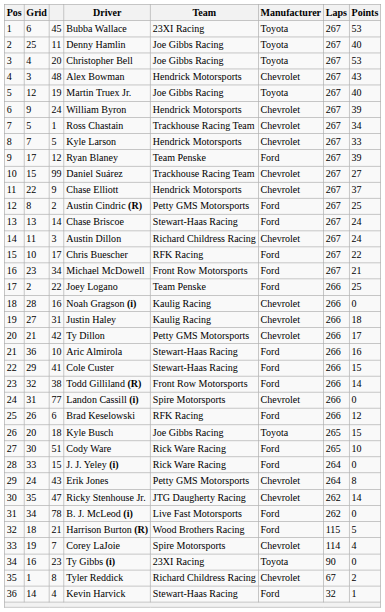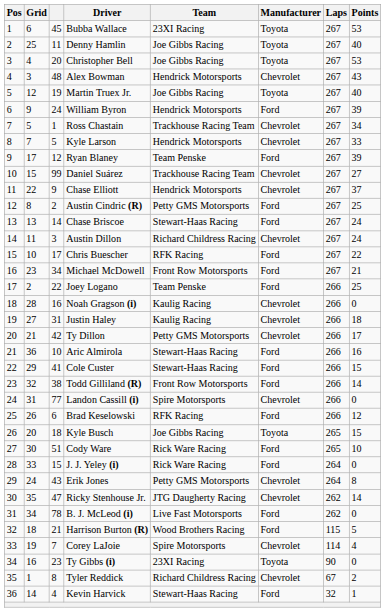 <table class="wikitable" style="font-size:98%">
 <tr>
 <th>Pos</th>
 <th>Grid</th>
 <th></th>
 <th>Driver</th>
 <th>Team</th>
 <th>Manufacturer</th>
 <th>Laps</th>
 <th>Points</th>
 </tr>
 <tr>
 <td>1</td>
 <td>6</td>
 <td>45</td>
 <td>Bubba Wallace</td>
 <td>23XI Racing</td>
 <td>Toyota</td>
 <td>267</td>
 <td>53</td>
 </tr>
 <tr>
 <td>2</td>
 <td>25</td>
 <td>11</td>
 <td>Denny Hamlin</td>
 <td>Joe Gibbs Racing</td>
 <td>Toyota</td>
 <td>267</td>
 <td>40</td>
 </tr>
 <tr>
 <td>3</td>
 <td>4</td>
 <td>20</td>
 <td>Christopher Bell</td>
 <td>Joe Gibbs Racing</td>
 <td>Toyota</td>
 <td>267</td>
 <td>53</td>
 </tr>
 <tr>
 <td>4</td>
 <td>3</td>
 <td>48</td>
 <td>Alex Bowman</td>
 <td>Hendrick Motorsports</td>
 <td>Chevrolet</td>
 <td>267</td>
 <td>43</td>
 </tr>
 <tr>
 <td>5</td>
 <td>12</td>
 <td>19</td>
 <td>Martin Truex Jr.</td>
 <td>Joe Gibbs Racing</td>
 <td>Toyota</td>
 <td>267</td>
 <td>40</td>
 </tr>
 <tr>
 <td>6</td>
 <td>9</td>
 <td>24</td>
 <td>William Byron</td>
 <td>Hendrick Motorsports</td>
-<td>Chevrolet</td>
+<td>Ford</td>
 <td>267</td>
 <td>39</td>
 </tr>
 <tr>
 <td>7</td>
 <td>5</td>
 <td>1</td>
 <td>Ross Chastain</td>
 <td>Trackhouse Racing Team</td>
 <td>Chevrolet</td>
 <td>267</td>
 <td>34</td>
 </tr>
 <tr>
 <td>8</td>
 <td>7</td>
 <td>5</td>
 <td>Kyle Larson</td>
 <td>Hendrick Motorsports</td>
 <td>Chevrolet</td>
 <td>267</td>
 <td>33</td>
 </tr>
 <tr>
 <td>9</td>
 <td>17</td>
 <td>12</td>
 <td>Ryan Blaney</td>
 <td>Team Penske</td>
 <td>Ford</td>
 <td>267</td>
 <td>39</td>
 </tr>
 <tr>
 <td>10</td>
 <td>15</td>
 <td>99</td>
 <td>Daniel Suárez</td>
 <td>Trackhouse Racing Team</td>
 <td>Chevrolet</td>
 <td>267</td>
 <td>27</td>
 </tr>
 <tr>
 <td>11</td>
 <td>22</td>
 <td>9</td>
 <td>Chase Elliott</td>
 <td>Hendrick Motorsports</td>
 <td>Chevrolet</td>
 <td>267</td>
 <td>37</td>
 </tr>
 <tr>
 <td>12</td>
 <td>8</td>
 <td>2</td>
 <td>Austin Cindric <strong>(R)</strong></td>
 <td>Petty GMS Motorsports</td>
 <td>Ford</td>
 <td>267</td>
 <td>25</td>
 </tr>
 <tr>
 <td>13</td>
 <td>13</td>
 <td>14</td>
 <td>Chase Briscoe</td>
 <td>Stewart-Haas Racing</td>
 <td>Ford</td>
 <td>267</td>
 <td>24</td>
 </tr>
 <tr>
 <td>14</td>
 <td>11</td>
 <td>3</td>
 <td>Austin Dillon</td>
 <td>Richard Childress Racing</td>
 <td>Chevrolet</td>
 <td>267</td>
 <td>24</td>
 </tr>
 <tr>
 <td>15</td>
 <td>10</td>
 <td>17</td>
 <td>Chris Buescher</td>
 <td>RFK Racing</td>
 <td>Ford</td>
 <td>267</td>
 <td>22</td>
 </tr>
 <tr>
 <td>16</td>
 <td>23</td>
 <td>34</td>
 <td>Michael McDowell</td>
 <td>Front Row Motorsports</td>
 <td>Ford</td>
 <td>267</td>
 <td>21</td>
 </tr>
 <tr>
 <td>17</td>
 <td>2</td>
 <td>22</td>
 <td>Joey Logano</td>
 <td>Team Penske</td>
 <td>Ford</td>
 <td>266</td>
 <td>25</td>
 </tr>
 <tr>
 <td>18</td>
 <td>28</td>
 <td>16</td>
 <td>Noah Gragson <strong>(i)</strong></td>
 <td>Kaulig Racing</td>
 <td>Chevrolet</td>
 <td>266</td>
 <td>0</td>
 </tr>
 <tr>
 <td>19</td>
 <td>27</td>
 <td>31</td>
 <td>Justin Haley</td>
 <td>Kaulig Racing</td>
 <td>Chevrolet</td>
 <td>266</td>
 <td>18</td>
 </tr>
 <tr>
 <td>20</td>
 <td>21</td>
 <td>42</td>
 <td>Ty Dillon</td>
 <td>Petty GMS Motorsports</td>
 <td>Chevrolet</td>
 <td>266</td>
 <td>17</td>
 </tr>
 <tr>
 <td>21</td>
 <td>36</td>
 <td>10</td>
 <td>Aric Almirola</td>
 <td>Stewart-Haas Racing</td>
 <td>Ford</td>
 <td>266</td>
 <td>16</td>
 </tr>
 <tr>
 <td>22</td>
 <td>29</td>
 <td>41</td>
 <td>Cole Custer</td>
 <td>Stewart-Haas Racing</td>
 <td>Ford</td>
 <td>266</td>
 <td>15</td>
 </tr>
 <tr>
 <td>23</td>
 <td>32</td>
 <td>38</td>
 <td>Todd Gilliland <strong>(R)</strong></td>
 <td>Front Row Motorsports</td>
 <td>Ford</td>
 <td>266</td>
 <td>14</td>
 </tr>
 <tr>
 <td>24</td>
 <td>31</td>
 <td>77</td>
 <td>Landon Cassill <strong>(i)</strong></td>
 <td>Spire Motorsports</td>
 <td>Chevrolet</td>
 <td>266</td>
 <td>0</td>
 </tr>
 <tr>
 <td>25</td>
 <td>26</td>
 <td>6</td>
 <td>Brad Keselowski</td>
 <td>RFK Racing</td>
 <td>Ford</td>
 <td>266</td>
 <td>12</td>
 </tr>
 <tr>
 <td>26</td>
 <td>20</td>
 <td>18</td>
 <td>Kyle Busch</td>
 <td>Joe Gibbs Racing</td>
 <td>Toyota</td>
 <td>265</td>
 <td>15</td>
 </tr>
 <tr>
 <td>27</td>
 <td>30</td>
 <td>51</td>
 <td>Cody Ware</td>
 <td>Rick Ware Racing</td>
 <td>Ford</td>
 <td>265</td>
 <td>10</td>
 </tr>
 <tr>
 <td>28</td>
 <td>33</td>
 <td>15</td>
 <td>J. J. Yeley <strong>(i)</strong></td>
 <td>Rick Ware Racing</td>
 <td>Ford</td>
 <td>264</td>
 <td>0</td>
 </tr>
 <tr>
 <td>29</td>
 <td>24</td>
 <td>43</td>
 <td>Erik Jones</td>
 <td>Petty GMS Motorsports</td>
 <td>Chevrolet</td>
 <td>264</td>
 <td>8</td>
 </tr>
 <tr>
 <td>30</td>
 <td>35</td>
 <td>47</td>
 <td>Ricky Stenhouse Jr.</td>
 <td>JTG Daugherty Racing</td>
 <td>Chevrolet</td>
 <td>262</td>
 <td>14</td>
 </tr>
 <tr>
 <td>31</td>
 <td>34</td>
 <td>78</td>
 <td>B. J. McLeod <strong>(i)</strong></td>
 <td>Live Fast Motorsports</td>
 <td>Ford</td>
 <td>262</td>
 <td>0</td>
 </tr>
 <tr>
 <td>32</td>
 <td>18</td>
 <td>21</td>
 <td>Harrison Burton <strong>(R)</strong></td>
 <td>Wood Brothers Racing</td>
 <td>Ford</td>
 <td>115</td>
 <td>5</td>
 </tr>
 <tr>
 <td>33</td>
 <td>19</td>
 <td>7</td>
 <td>Corey LaJoie</td>
 <td>Spire Motorsports</td>
 <td>Chevrolet</td>
 <td>114</td>
 <td>4</td>
 </tr>
 <tr>
 <td>34</td>
 <td>16</td>
 <td>23</td>
 <td>Ty Gibbs <strong>(i)</strong></td>
 <td>23XI Racing</td>
 <td>Toyota</td>
 <td>90</td>
 <td>0</td>
 </tr>
 <tr>
 <td>35</td>
 <td>1</td>
 <td>8</td>
 <td>Tyler Reddick</td>
 <td>Richard Childress Racing</td>
 <td>Chevrolet</td>
 <td>67</td>
 <td>2</td>
 </tr>
 <tr>
 <td>36</td>
 <td>14</td>
 <td>4</td>
 <td>Kevin Harvick</td>
 <td>Stewart-Haas Racing</td>
 <td>Ford</td>
 <td>32</td>
 <td>1</td>
 </tr>
 <tr>
 <th colspan="8"></th>
 </tr>
 </table>
